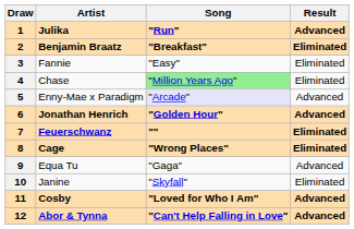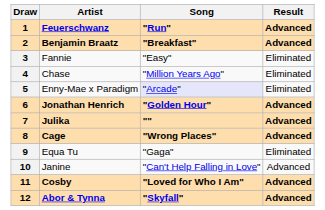 <table class="sortable wikitable plainrowheaders" style="margin: 1em auto 1em auto; text-align:center;">
 <tr>
 <th>Draw</th>
 <th>Artist</th>
 <th>Song</th>
 <th>Result</th>
 </tr>
 <tr style="background:navajowhite; font-weight:bold;">
 <th scope="row" style="text-align:center; font-weight:bold; background-color:navajowhite;">1</th>
-<td align="left">Julika</td>
+<td align="left"><a href='#'>Feuerschwanz</a></td>
 <td align="left">"<a href='#'>Run</a>"</td>
 <td>Advanced</td>
 </tr>
 <tr style="background:navajowhite; font-weight:bold;">
 <th scope="row" style="text-align:center; font-weight:bold; background-color:navajowhite;">2</th>
 <td align="left">Benjamin Braatz</td>
 <td align="left">"Breakfast"</td>
-<td>Eliminated</td>
+<td>Advanced</td>
 </tr>
 <tr>
 <th scope="row" style="text-align:center;">3</th>
 <td align="left">Fannie</td>
 <td align="left">"Easy"</td>
 <td>Eliminated</td>
 </tr>
 <tr>
 <th scope="row" style="text-align:center;">4</th>
 <td align="left">Chase</td>
-<td align="left" style="background: lightgreen;">"<a href='#'>Million Years Ago</a>"</td>
+<td align="left">"<a href='#'>Million Years Ago</a>"</td>
 <td>Eliminated</td>
 </tr>
 <tr>
 <th scope="row" style="text-align:center;">5</th>
 <td align="left">Enny-Mae x Paradigm</td>
 <td align="left" style="background: lavender;">"<a href='#'>Arcade</a>"</td>
-<td>Advanced</td>
+<td>Eliminated</td>
 </tr>
 <tr style="background:navajowhite; font-weight:bold;">
 <th scope="row" style="text-align:center; font-weight:bold; background-color:navajowhite;">6</th>
 <td align="left">Jonathan Henrich</td>
 <td align="left">"<a href='#'>Golden Hour</a>"</td>
 <td>Advanced</td>
 </tr>
 <tr style="background:navajowhite; font-weight:bold;">
 <th scope="row" style="text-align:center; font-weight:bold; background-color:navajowhite;">7</th>
-<td align="left"><a href='#'>Feuerschwanz</a></td>
+<td align="left">Julika</td>
 <td align="left">""</td>
-<td>Eliminated</td>
+<td>Advanced</td>
 </tr>
 <tr style="background:navajowhite; font-weight:bold;">
 <th scope="row" style="text-align:center; font-weight:bold; background-color:navajowhite;">8</th>
 <td align="left">Cage</td>
 <td align="left">"Wrong Places"</td>
-<td>Eliminated</td>
+<td>Advanced</td>
 </tr>
 <tr>
 <th scope="row" style="text-align:center;">9</th>
 <td align="left">Equa Tu</td>
 <td align="left">"Gaga"</td>
-<td>Advanced</td>
+<td>Eliminated</td>
 </tr>
 <tr>
 <th scope="row" style="text-align:center;">10</th>
 <td align="left">Janine</td>
-<td align="left">"<a href='#'>Skyfall</a>"</td>
-<td>Eliminated</td>
+<td align="left">"<a href='#'>Can't Help Falling in Love</a>"</td>
+<td>Advanced</td>
 </tr>
 <tr style="background:navajowhite; font-weight:bold;">
 <th scope="row" style="text-align:center; font-weight:bold; background-color:navajowhite;">11</th>
 <td align="left">Cosby</td>
 <td align="left">"Loved for Who I Am"</td>
 <td>Advanced</td>
 </tr>
 <tr style="background:navajowhite; font-weight:bold;">
 <th scope="row" style="text-align:center; font-weight:bold; background-color:navajowhite;">12</th>
 <td align="left"><a href='#'>Abor & Tynna</a></td>
-<td align="left">"<a href='#'>Can't Help Falling in Love</a>"</td>
+<td align="left">"<a href='#'>Skyfall</a>"</td>
 <td>Advanced</td>
 </tr>
 </table>
